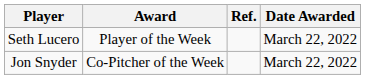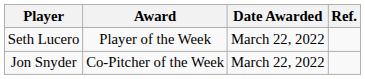 <table class="wikitable sortable sortable" style="text-align: center">
 <tr align=center>
 <th>Player</th>
 <th>Award</th>
+<th>Date Awarded</th>
 <th>Ref.</th>
-<th>Date Awarded</th>
 </tr>
 <tr>
 <td>Seth Lucero</td>
 <td rowspan="1">Player of the Week</td>
+<td rowspan="1">March 22, 2022</td>
 <td rowspan="1"></td>
-<td rowspan="1">March 22, 2022</td>
 </tr>
 <tr>
 <td>Jon Snyder</td>
 <td rowspan="1">Co-Pitcher of the Week</td>
+<td rowspan="1">March 22, 2022</td>
 <td rowspan="1"></td>
-<td rowspan="1">March 22, 2022</td>
 </tr>
 </table>
